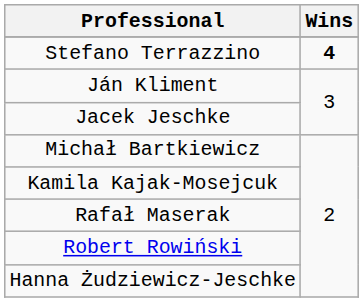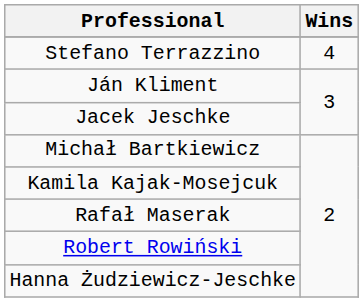 <table class="wikitable collapsible collapsed" style="text-align: center; width: auto">
 <tr>
 <th>Professional</th>
 <th>Wins</th>
 </tr>
 <tr>
 </tr>
 <tr>
 <td>Stefano Terrazzino</td>
-<td><strong>4</strong></td>
+<td>4</td>
 </tr>
 <tr>
 <td>Ján Kliment</td>
 <td rowspan=2>3</td>
 </tr>
 <tr>
 <td>Jacek Jeschke</td>
 </tr>
 <tr>
 <td>Michał Bartkiewicz</td>
 <td rowspan=5>2</td>
 </tr>
 <tr>
 <td>Kamila Kajak-Mosejcuk</td>
 </tr>
 <tr>
 <td>Rafał Maserak</td>
 </tr>
 <tr>
 <td><a href='#'>Robert Rowiński</a></td>
 </tr>
 <tr>
 <td>Hanna Żudziewicz-Jeschke</td>
 </tr>
 </table>
